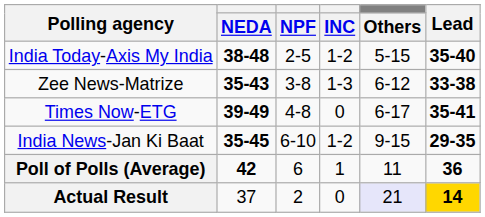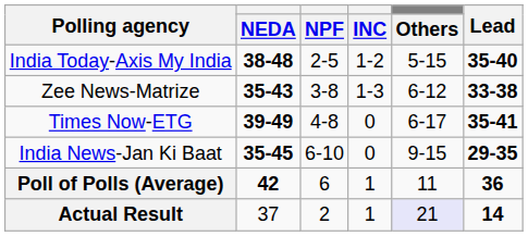 <table class="wikitable sortable" style="text-align:center; font-size:95%">
 <tr>
 <th rowspan="2">Polling agency</th>
 <th style="background:"></th>
 <th style="background:"></th>
 <th style="text-align:center; background:"></th>
 <th style="background:gray;"></th>
 <th rowspan="2">Lead</th>
 </tr>
 <tr>
 <th><a href='#'>NEDA</a></th>
 <th><a href='#'>NPF</a></th>
 <th><a href='#'>INC</a></th>
 <th>Others</th>
 </tr>
 <tr>
 <td><a href='#'>India Today</a>-<a href='#'>Axis My India</a></td>
 <td><strong>38-48</strong></td>
 <td>2-5</td>
 <td>1-2</td>
 <td>5-15</td>
 <td><strong>35-40</strong></td>
 </tr>
 <tr>
 <td>Zee News-Matrize</td>
 <td><strong>35-43</strong></td>
 <td>3-8</td>
 <td>1-3</td>
 <td>6-12</td>
 <td><strong>33-38</strong></td>
 </tr>
 <tr>
 <td><a href='#'>Times Now</a>-<a href='#'>ETG</a></td>
 <td><strong>39-49</strong></td>
 <td>4-8</td>
 <td>0</td>
 <td>6-17</td>
 <td><strong>35-41</strong></td>
 </tr>
 <tr>
 <td><a href='#'>India News</a>-Jan Ki Baat</td>
 <td><strong>35-45</strong></td>
 <td>6-10</td>
-<td>1-2</td>
+<td>0</td>
 <td>9-15</td>
 <td><strong>29-35</strong></td>
 </tr>
 <tr>
 <th>Poll of Polls (Average)</th>
 <td><strong>42</strong></td>
 <td>6</td>
 <td>1</td>
 <td>11</td>
 <td><strong>36</strong></td>
 </tr>
 <tr>
 <th>Actual Result</th>
 <td>37</td>
 <td>2</td>
-<td>0</td>
+<td>1</td>
 <td style="background: lavender;">21</td>
-<td style="background: gold;"><strong>14</strong></td>
+<td><strong>14</strong></td>
 </tr>
 </table>
